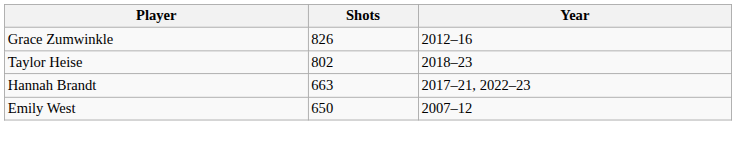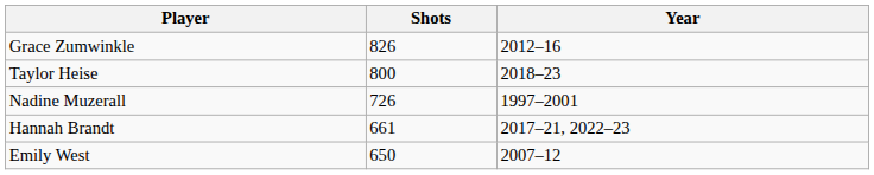 <table class="wikitable" style="width: 50em">
 <tr>
 <th>Player</th>
 <th>Shots</th>
 <th>Year</th>
 </tr>
 <tr>
 <td>Grace Zumwinkle</td>
 <td>826</td>
 <td>2012–16</td>
 </tr>
 <tr>
 <td>Taylor Heise</td>
-<td>802</td>
+<td>800</td>
 <td>2018–23</td>
 </tr>
 <tr>
+<td>Nadine Muzerall</td>
+<td>726</td>
+<td>1997–2001</td>
+</tr>
+<tr>
 <td>Hannah Brandt</td>
-<td>663</td>
+<td>661</td>
 <td>2017–21, 2022–23</td>
 </tr>
 <tr>
 <td>Emily West</td>
 <td>650</td>
 <td>2007–12</td>
 </tr>
 </table>
